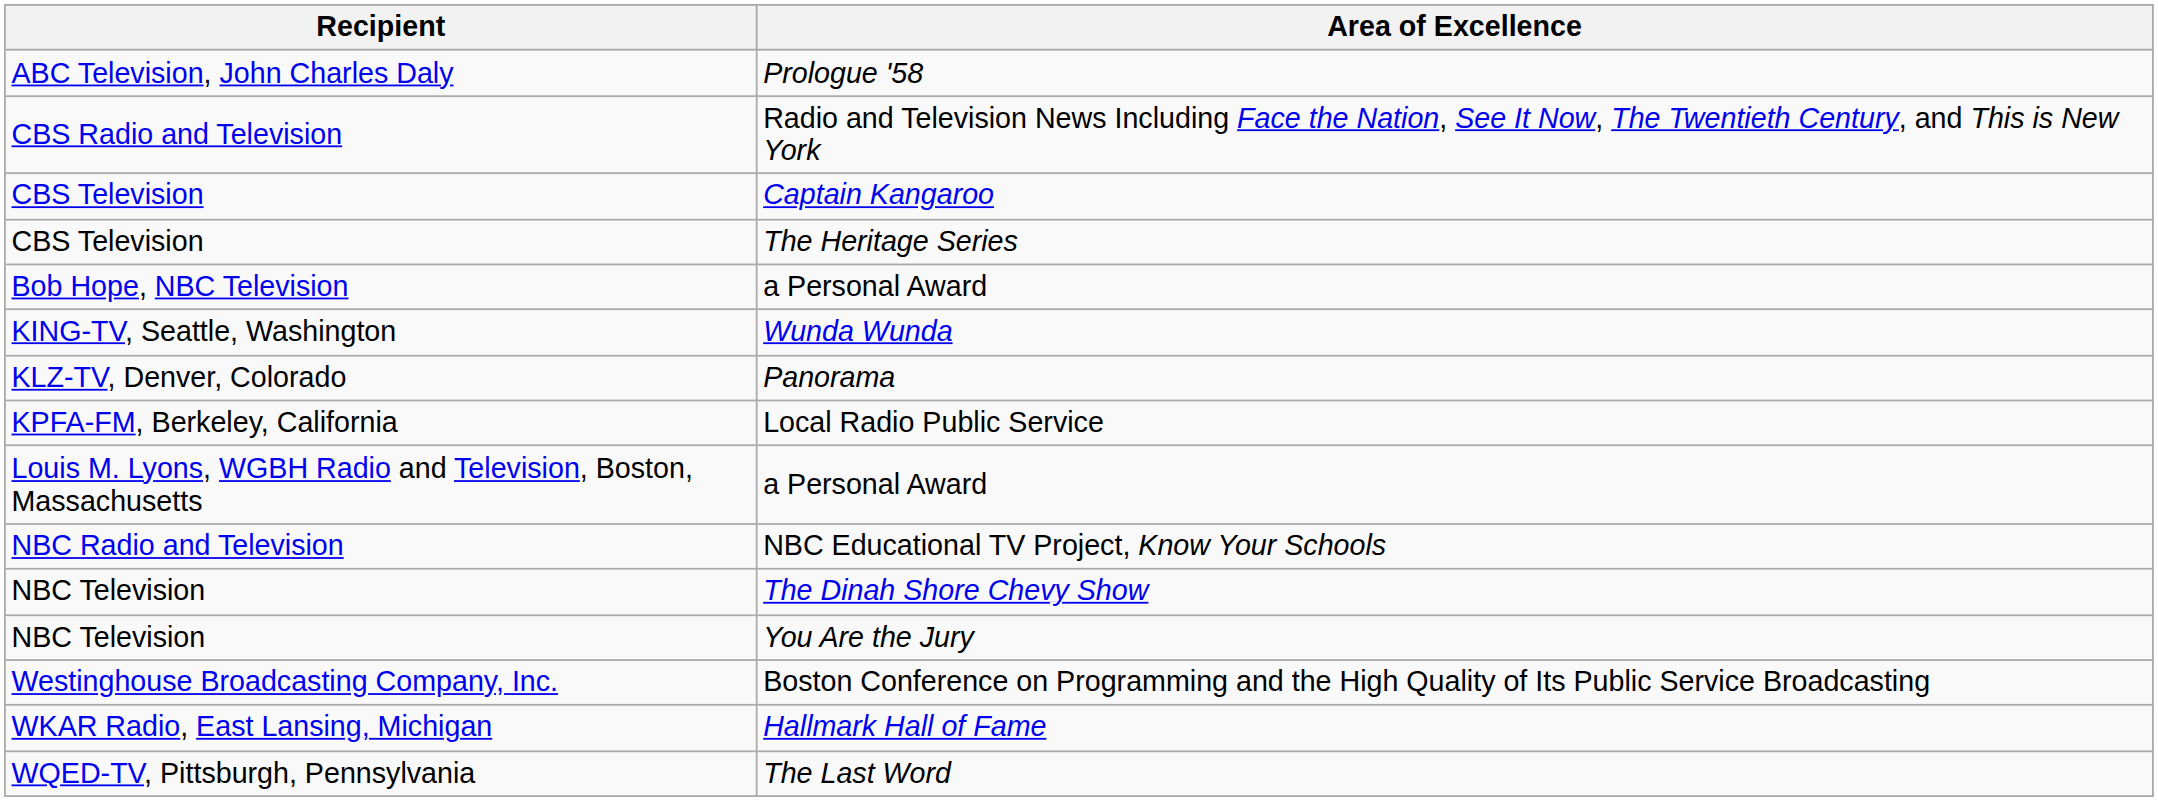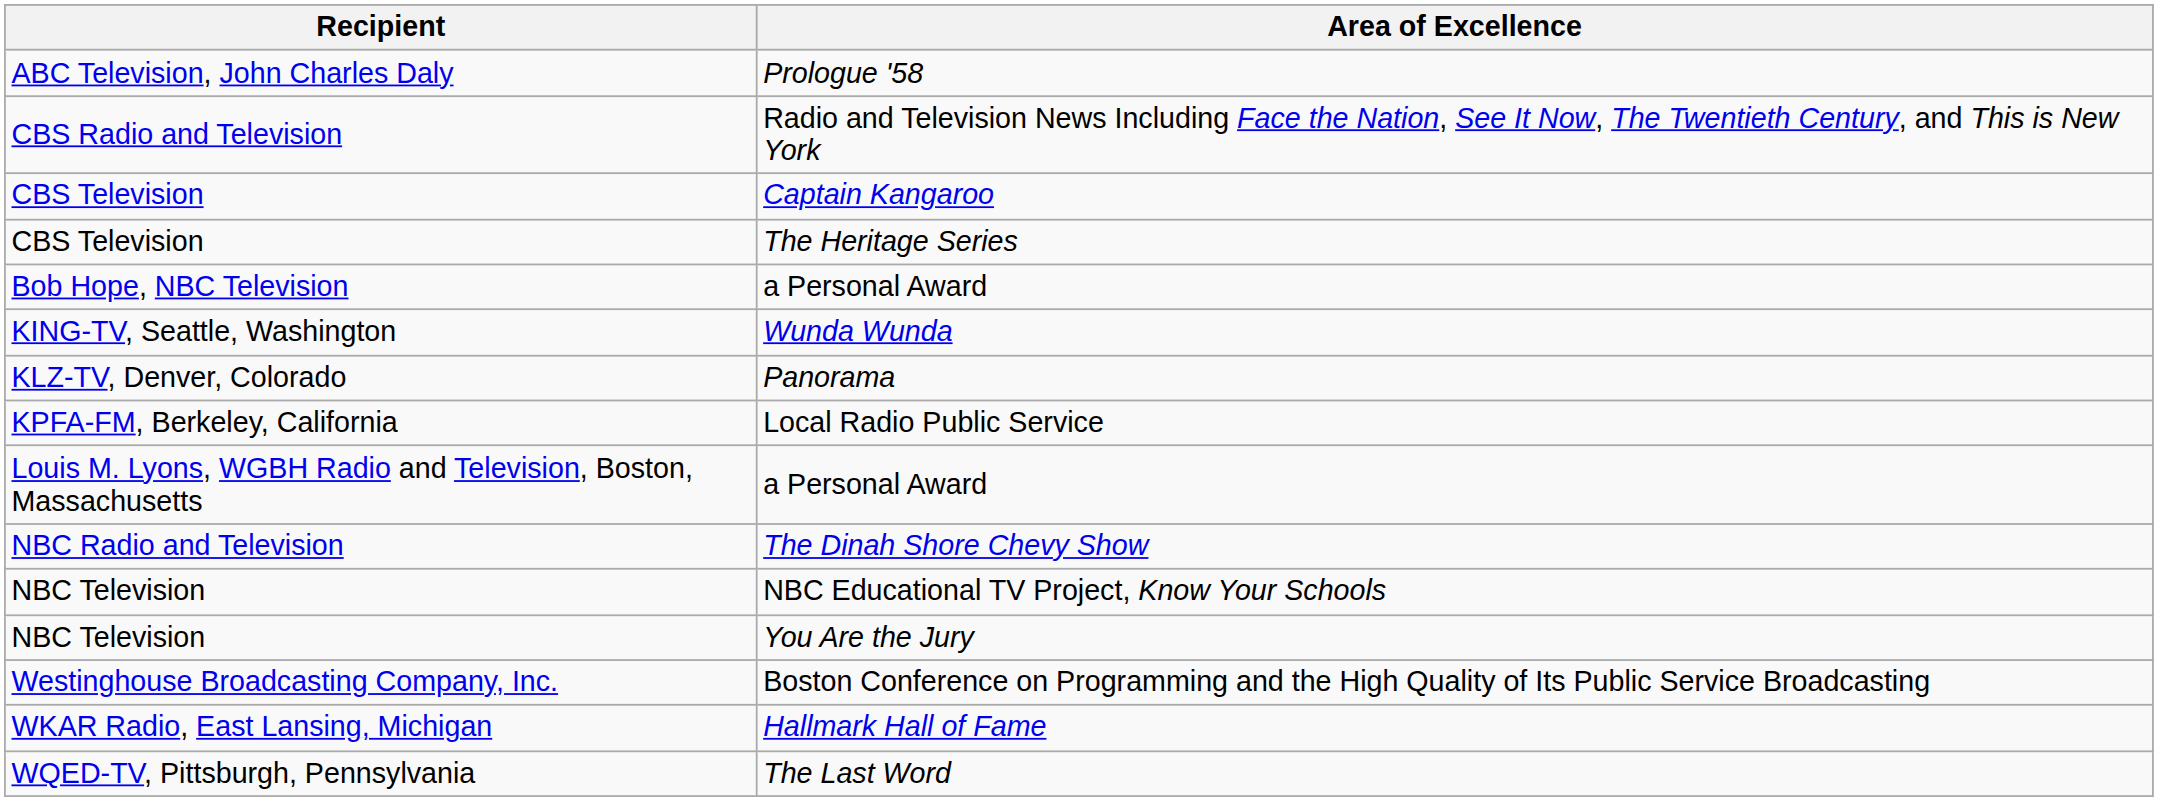 <table class="wikitable" style="width:95%">
 <tr bgcolor="#CCCCCC">
 <th width=35%>Recipient</th>
 <th width=65%>Area of Excellence</th>
 </tr>
 <tr>
 <td rowspan="1"><a href='#'>ABC Television</a>, <a href='#'>John Charles Daly</a></td>
 <td><em>Prologue '58</em></td>
 </tr>
 <tr>
 <td rowspan="1"><a href='#'>CBS Radio and Television</a></td>
 <td>Radio and Television News Including <em><a href='#'>Face the Nation</a></em>, <em><a href='#'>See It Now</a></em>, <em><a href='#'>The Twentieth Century</a></em>, and <em>This is New York</em></td>
 </tr>
 <tr>
 <td rowspan="1"><a href='#'>CBS Television</a></td>
 <td><em><a href='#'>Captain Kangaroo</a></em></td>
 </tr>
 <tr>
 <td rowspan="1">CBS Television</td>
 <td><em>The Heritage Series</em></td>
 </tr>
 <tr>
 <td rowspan="1"><a href='#'>Bob Hope</a>, <a href='#'>NBC Television</a></td>
 <td>a Personal Award</td>
 </tr>
 <tr>
 <td rowspan="1"><a href='#'>KING-TV</a>, Seattle, Washington</td>
 <td><em><a href='#'>Wunda Wunda</a></em></td>
 </tr>
 <tr>
 <td rowspan="1"><a href='#'>KLZ-TV</a>, Denver, Colorado</td>
 <td><em>Panorama</em></td>
 </tr>
 <tr>
 <td rowspan="1"><a href='#'>KPFA-FM</a>, Berkeley, California</td>
 <td>Local Radio Public Service</td>
 </tr>
 <tr>
 <td rowspan="1"><a href='#'>Louis M. Lyons</a>, <a href='#'>WGBH Radio</a> and <a href='#'>Television</a>, Boston, Massachusetts</td>
 <td>a Personal Award</td>
 </tr>
 <tr>
 <td rowspan="1"><a href='#'>NBC Radio and Television</a></td>
-<td>NBC Educational TV Project, <em>Know Your Schools</em></td>
+<td><em><a href='#'>The Dinah Shore Chevy Show</a></em></td>
 </tr>
 <tr>
 <td rowspan="1">NBC Television</td>
-<td><em><a href='#'>The Dinah Shore Chevy Show</a></em></td>
+<td>NBC Educational TV Project, <em>Know Your Schools</em></td>
 </tr>
 <tr>
 <td rowspan="1">NBC Television</td>
 <td><em>You Are the Jury</em></td>
 </tr>
 <tr>
 <td rowspan="1"><a href='#'>Westinghouse Broadcasting Company, Inc.</a></td>
 <td>Boston Conference on Programming and the High Quality of Its Public Service Broadcasting</td>
 </tr>
 <tr>
 <td rowspan="1"><a href='#'>WKAR Radio</a>, <a href='#'>East Lansing, Michigan</a></td>
 <td><em><a href='#'>Hallmark Hall of Fame</a></em></td>
 </tr>
 <tr>
 <td rowspan="1"><a href='#'>WQED-TV</a>, Pittsburgh, Pennsylvania</td>
 <td><em>The Last Word</em></td>
 </tr>
 </table>
